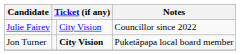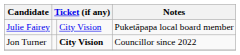 <table class="wikitable" style="font-size: 95%">
 <tr>
 <th>Candidate</th>
 <th colspan="2"><a href='#'>Ticket</a> (if any)</th>
 <th>Notes</th>
 </tr>
 <tr>
 <td><a href='#'>Julie Fairey</a></td>
 <td style="background-color:"></td>
 <td><a href='#'>City Vision</a></td>
-<td>Councillor since 2022</td>
+<td>Puketāpapa local board member</td>
 </tr>
 <tr>
 <td>Jon Turner</td>
 <td style="background-color:"></td>
 <td><strong>City Vision</strong></td>
-<td>Puketāpapa local board member</td>
+<td>Councillor since 2022</td>
 </tr>
 <tr>
 </tr>
 </table>
